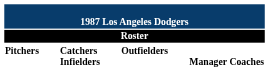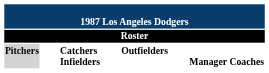 <table class="toccolours" style="font-size: 95%;">
 <tr>
 <th colspan="10" style="background-color: #083c6b; color: #FFFFFF; text-align: center;"><br>1987 Los Angeles Dodgers</th>
 </tr>
 <tr>
 <td colspan="74" style="background-color: black; color: #FFFFFF; text-align: center;"><strong>Roster</strong></td>
 </tr>
 <tr>
-<td valign="top"><strong>Pitchers</strong><br>                            </td>
+<td valign="top" style="background: lightgrey;"><strong>Pitchers</strong><br>                            </td>
 <td width="25px"></td>
 <td valign="top"><strong>Catchers</strong><br>    <strong>Infielders</strong>             </td>
 <td width="25px"></td>
 <td valign="top"><strong>Outfielders</strong><br>           </td>
 <td width="25px"></td>
 <td valign="top"><br><strong>Manager</strong>  <strong>Coaches</strong>     </td>
 </tr>
 </table>
